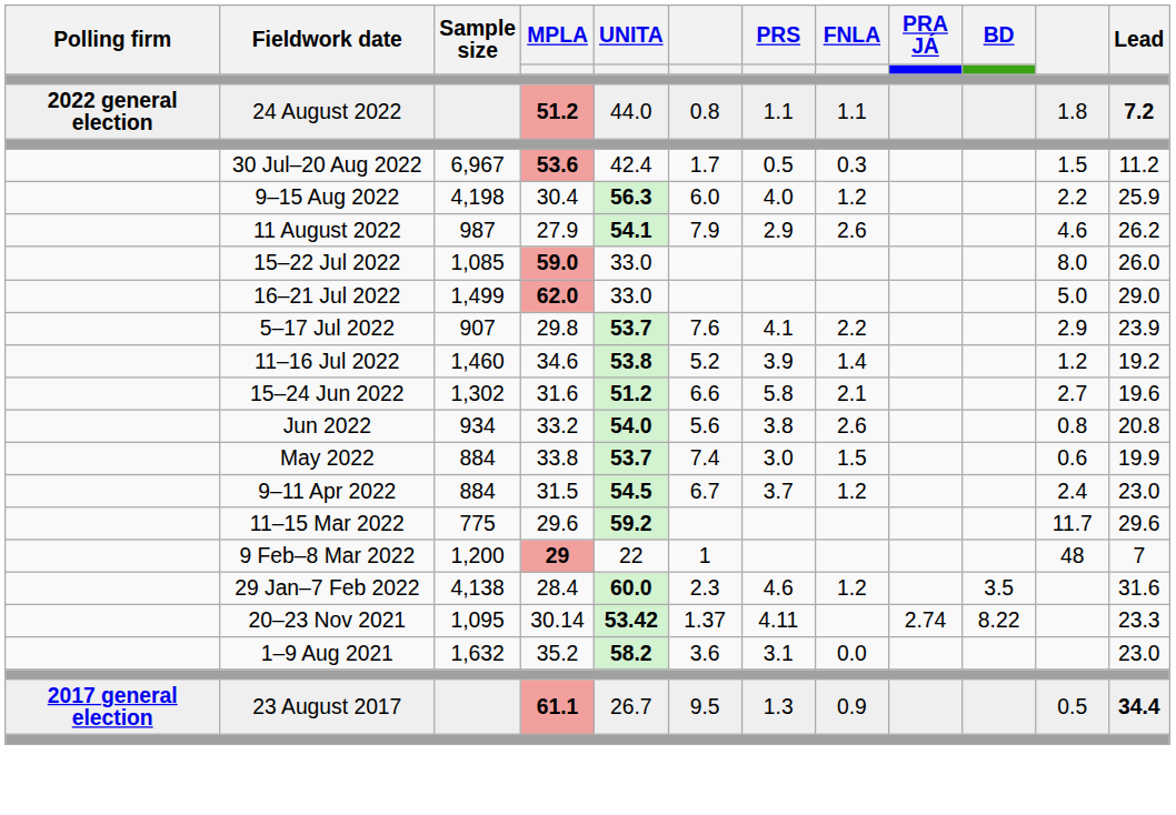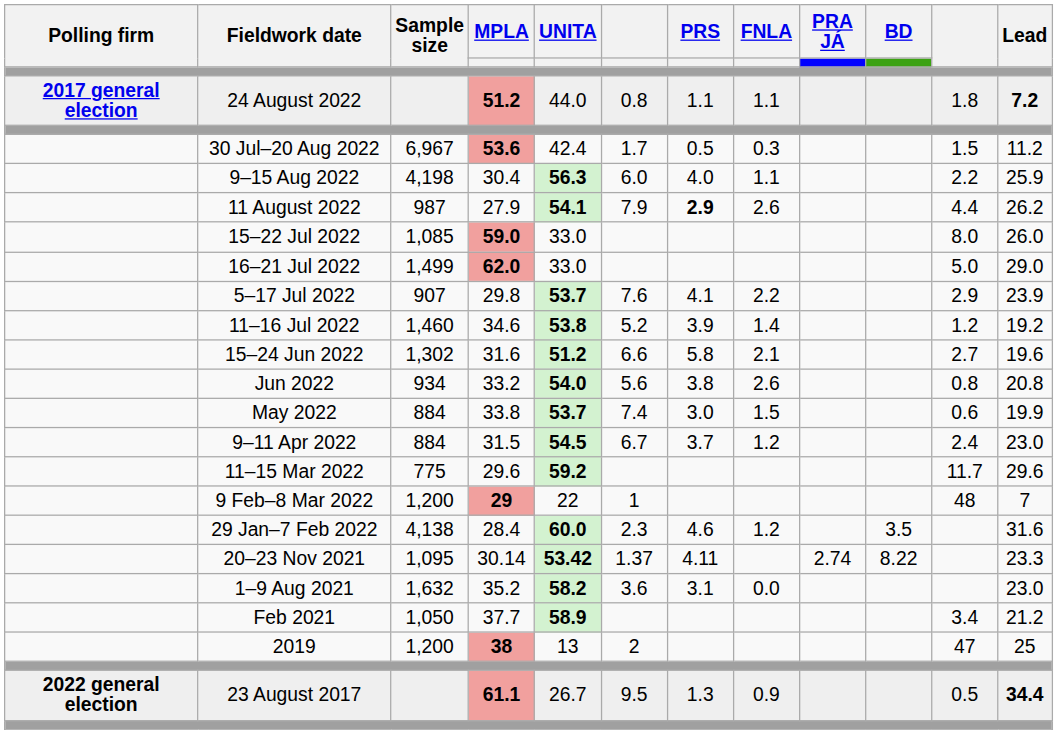 <table class="wikitable sortable mw-datatable" style="text-align:center;font-size:95%;line-height:16px;">
 <tr style="height:42px;">
 <th style="width:145px;" rowspan="2">Polling firm</th>
 <th style="width:145px;" rowspan="2">Fieldwork date</th>
 <th class="unsortable" style="width:50px;" rowspan="2">Sample size</th>
 <th class="sortable" style="width:45px;"><a href='#'>MPLA</a></th>
 <th class="sortable" style="width:45px;"><a href='#'>UNITA</a></th>
 <th class="sortable" style="width:45px;"></th>
 <th class="sortable" style="width:45px;"><a href='#'>PRS</a></th>
 <th class="sortable" style="width:45px;"><a href='#'>FNLA</a></th>
 <th class="sortable" style="width:45px;"><a href='#'>PRA JÁ</a></th>
 <th class="sortable" style="width:45px;"><a href='#'>BD</a></th>
 <th class="unsortable" style="width:45px;" rowspan="2"></th>
 <th class="unsortable" style="width:30px;" rowspan="2">Lead</th>
 </tr>
 <tr>
 <th class="sortable" style="background:"></th>
 <th class="sortable" style="background:"></th>
 <th class="sortable" style="background:"></th>
 <th class="sortable" style="background:"></th>
 <th class="sortable" style="background:"></th>
 <th class="sortable" style="background:blue;"></th>
 <th class="sortable" style="background:#3ba212;"></th>
 </tr>
 <tr>
 <td colspan="12" style="background:#A0A0A0"></td>
 </tr>
 <tr style="background:#EFEFEF;">
-<td><strong>2022 general election</strong></td>
+<td><strong><a href='#'>2017 general election</a></strong></td>
 <td data-sort-value="2019-10-06">24 August 2022</td>
 <td></td>
 <td style="background:#F1A09E"><strong>51.2</strong><br></td>
 <td>44.0<br></td>
 <td>0.8<br></td>
 <td>1.1<br></td>
 <td>1.1<br></td>
 <td></td>
 <td></td>
 <td>1.8<br></td>
 <td style="background:"><strong>7.2</strong></td>
 </tr>
 <tr>
 <td colspan="12" style="background:#A0A0A0"></td>
 </tr>
 <tr>
 <td></td>
 <td data-sort-value="2019-10-03">30 Jul–20 Aug 2022</td>
 <td>6,967</td>
 <td style="background:#F1A09E"><strong>53.6</strong><br></td>
 <td>42.4<br></td>
 <td>1.7<br></td>
 <td>0.5<br></td>
 <td>0.3<br></td>
 <td></td>
 <td></td>
 <td>1.5<br></td>
 <td style="background:">11.2</td>
 </tr>
 <tr>
 <td></td>
 <td data-sort-value="2019-10-03">9–15 Aug 2022</td>
 <td>4,198</td>
 <td>30.4</td>
 <td style="background:#D3F2D0;"><strong>56.3</strong></td>
 <td>6.0</td>
 <td>4.0</td>
-<td>1.2</td>
+<td>1.1</td>
 <td></td>
 <td></td>
 <td>2.2</td>
 <td style="background:">25.9</td>
 </tr>
 <tr>
 <td></td>
 <td data-sort-value="2019-10-03">11 August 2022</td>
 <td>987</td>
 <td>27.9</td>
 <td style="background:#D3F2D0;"><strong>54.1</strong></td>
 <td>7.9</td>
-<td>2.9</td>
+<td><strong>2.9</strong></td>
 <td>2.6</td>
 <td></td>
 <td></td>
-<td>4.6</td>
+<td>4.4</td>
 <td style="background:">26.2</td>
 </tr>
 <tr>
 <td></td>
 <td>15–22 Jul 2022</td>
 <td>1,085</td>
 <td style="background:#F1A09E"><strong>59.0</strong></td>
 <td>33.0</td>
 <td></td>
 <td></td>
 <td></td>
 <td></td>
 <td></td>
 <td>8.0</td>
 <td style="background:">26.0</td>
 </tr>
 <tr>
 <td></td>
 <td>16–21 Jul 2022</td>
 <td>1,499</td>
 <td style="background:#F1A09E"><strong>62.0</strong></td>
 <td>33.0</td>
 <td></td>
 <td></td>
 <td></td>
 <td></td>
 <td></td>
 <td>5.0</td>
 <td style="background:">29.0</td>
 </tr>
 <tr>
 <td></td>
 <td data-sort-value="2019-10-03">5–17 Jul 2022</td>
 <td>907</td>
 <td>29.8</td>
 <td style="background:#D3F2D0;"><strong>53.7</strong></td>
 <td>7.6</td>
 <td>4.1</td>
 <td>2.2</td>
 <td></td>
 <td></td>
 <td>2.9</td>
 <td style="background:">23.9</td>
 </tr>
 <tr>
 <td></td>
 <td data-sort-value="2019-10-03">11–16 Jul 2022</td>
 <td>1,460</td>
 <td>34.6</td>
 <td style="background:#D3F2D0;"><strong>53.8</strong></td>
 <td>5.2</td>
 <td>3.9</td>
 <td>1.4</td>
 <td></td>
 <td></td>
 <td>1.2</td>
 <td style="background:">19.2</td>
 </tr>
 <tr>
 <td></td>
 <td data-sort-value="2019-10-03">15–24 Jun 2022</td>
 <td>1,302</td>
 <td>31.6</td>
 <td style="background:#D3F2D0;"><strong>51.2</strong></td>
 <td>6.6</td>
 <td>5.8</td>
 <td>2.1</td>
 <td></td>
 <td></td>
 <td>2.7</td>
 <td style="background:">19.6</td>
 </tr>
 <tr>
 <td></td>
 <td>Jun 2022</td>
 <td>934</td>
 <td>33.2</td>
 <td style="background:#D3F2D0;"><strong>54.0</strong></td>
 <td>5.6</td>
 <td>3.8</td>
 <td>2.6</td>
 <td></td>
 <td></td>
 <td>0.8</td>
 <td style="background:">20.8</td>
 </tr>
 <tr>
 <td></td>
 <td>May 2022</td>
 <td>884</td>
 <td>33.8</td>
 <td style="background:#D3F2D0;"><strong>53.7</strong></td>
 <td>7.4</td>
 <td>3.0</td>
 <td>1.5</td>
 <td></td>
 <td></td>
 <td>0.6</td>
 <td style="background:">19.9</td>
 </tr>
 <tr>
 <td></td>
 <td>9–11 Apr 2022</td>
 <td>884</td>
 <td>31.5</td>
 <td style="background:#D3F2D0;"><strong>54.5</strong></td>
 <td>6.7</td>
 <td>3.7</td>
 <td>1.2</td>
 <td></td>
 <td></td>
 <td>2.4</td>
 <td style="background:">23.0</td>
 </tr>
 <tr>
 <td></td>
 <td>11–15 Mar 2022</td>
 <td>775</td>
 <td>29.6</td>
 <td style="background:#D3F2D0;"><strong>59.2</strong></td>
 <td></td>
 <td></td>
 <td></td>
 <td></td>
 <td></td>
 <td>11.7</td>
 <td style="background:">29.6</td>
 </tr>
 <tr>
 <td></td>
 <td>9 Feb–8 Mar 2022</td>
 <td>1,200</td>
 <td style="background:#F1A09E"><strong>29</strong></td>
 <td>22</td>
 <td>1</td>
 <td></td>
 <td></td>
 <td></td>
 <td></td>
 <td>48</td>
 <td style="background:">7</td>
 </tr>
 <tr>
 <td></td>
 <td data-sort-value="2019-10-03">29 Jan–7 Feb 2022</td>
 <td>4,138</td>
 <td>28.4</td>
 <td style="background:#D3F2D0;"><strong>60.0</strong></td>
 <td>2.3</td>
 <td>4.6</td>
 <td>1.2</td>
 <td></td>
 <td>3.5</td>
 <td></td>
 <td style="background:">31.6</td>
 </tr>
 <tr>
 <td></td>
 <td data-sort-value="2019-10-03">20–23 Nov 2021</td>
 <td>1,095</td>
 <td>30.14</td>
 <td style="background:#D3F2D0;"><strong>53.42</strong></td>
 <td>1.37</td>
 <td>4.11</td>
 <td></td>
 <td>2.74</td>
 <td>8.22</td>
 <td></td>
 <td style="background:">23.3</td>
 </tr>
 <tr>
 <td></td>
 <td data-sort-value="2019-10-03">1–9 Aug 2021</td>
 <td>1,632</td>
 <td>35.2</td>
 <td style="background:#D3F2D0;"><strong>58.2</strong></td>
 <td>3.6</td>
 <td>3.1</td>
 <td>0.0</td>
 <td></td>
 <td></td>
 <td></td>
 <td style="background:">23.0</td>
 </tr>
 <tr>
+<td></td>
+<td data-sort-value="2019-10-03">Feb 2021</td>
+<td>1,050</td>
+<td>37.7</td>
+<td style="background:#D3F2D0;"><strong>58.9</strong></td>
+<td></td>
+<td></td>
+<td></td>
+<td></td>
+<td></td>
+<td>3.4</td>
+<td style="background:">21.2</td>
+</tr>
+<tr>
+<td></td>
+<td>2019</td>
+<td>1,200</td>
+<td style="background:#F1A09E"><strong>38</strong></td>
+<td>13</td>
+<td>2</td>
+<td></td>
+<td></td>
+<td></td>
+<td></td>
+<td>47</td>
+<td style="background:">25</td>
+</tr>
+<tr>
 <td colspan="12" style="background:#A0A0A0"></td>
 </tr>
 <tr style="background:#EFEFEF;">
-<td><strong><a href='#'>2017 general election</a></strong></td>
+<td><strong>2022 general election</strong></td>
 <td data-sort-value="2019-10-06">23 August 2017</td>
 <td></td>
 <td style="background:#F1A09E"><strong>61.1</strong><br></td>
 <td>26.7<br></td>
 <td>9.5<br></td>
 <td>1.3<br></td>
 <td>0.9<br></td>
 <td></td>
 <td></td>
 <td>0.5<br></td>
 <td style="background:"><strong>34.4</strong></td>
 </tr>
 <tr>
 <td colspan="12" style="background:#A0A0A0"></td>
 </tr>
 </table>
